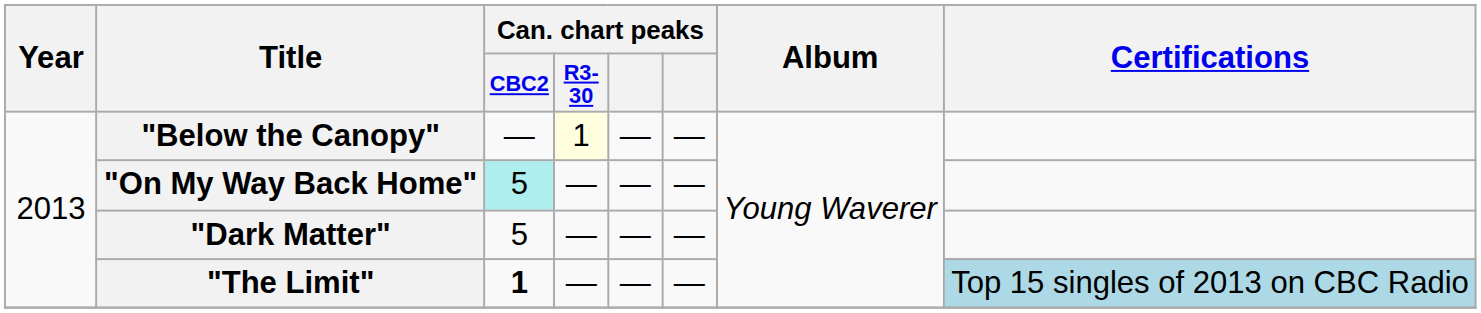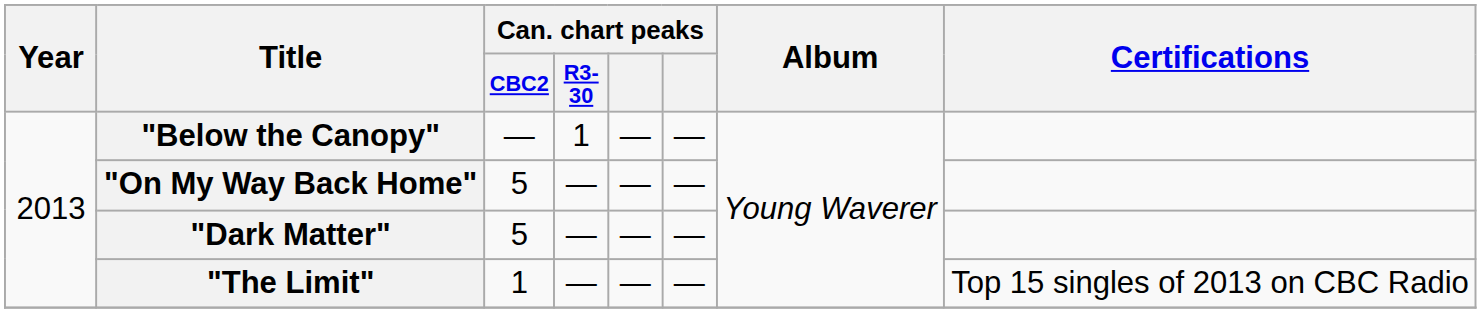 <table class="wikitable plainrowheaders" style="text-align:center;">
 <tr>
 <th scope="col" rowspan="2" style="width:2.5em;">Year</th>
 <th scope="col" rowspan="2">Title</th>
 <th scope="col" colspan="4"><small>Can. chart peaks</small></th>
 <th scope="col" rowspan="2">Album</th>
 <th scope="col" rowspan="2"><a href='#'>Certifications</a></th>
 </tr>
 <tr>
 <th style="width:2em;font-size:70%;"><a href='#'>CBC2</a></th>
 <th style="width:2em;font-size:70%;"><a href='#'>R3-30</a></th>
 <th style="width:2em;font-size:70%;"></th>
 <th style="width:2em;font-size:70%;"></th>
 </tr>
 <tr>
 <td rowspan="4">2013</td>
 <th scope="row">"Below the Canopy"</th>
 <td>—</td>
-<td style="background: lightyellow;">1</td>
+<td>1</td>
 <td>—</td>
 <td>—</td>
 <td rowspan="4"><em>Young Waverer</em></td>
 <td></td>
 </tr>
 <tr>
 <th scope="row">"On My Way Back Home"</th>
-<td style="background: paleturquoise;">5</td>
+<td>5</td>
 <td>—</td>
 <td>—</td>
 <td>—</td>
 <td></td>
 </tr>
 <tr>
 <th scope="row">"Dark Matter"</th>
 <td>5</td>
 <td>—</td>
 <td>—</td>
 <td>—</td>
 <td></td>
 </tr>
 <tr>
 <th scope="row">"The Limit"</th>
-<td><strong>1</strong></td>
+<td>1</td>
 <td>—</td>
 <td>—</td>
 <td>—</td>
-<td style="background: lightblue;">Top 15 singles of 2013 on CBC Radio</td>
+<td>Top 15 singles of 2013 on CBC Radio</td>
 </tr>
 <tr>
 </tr>
 </table>
